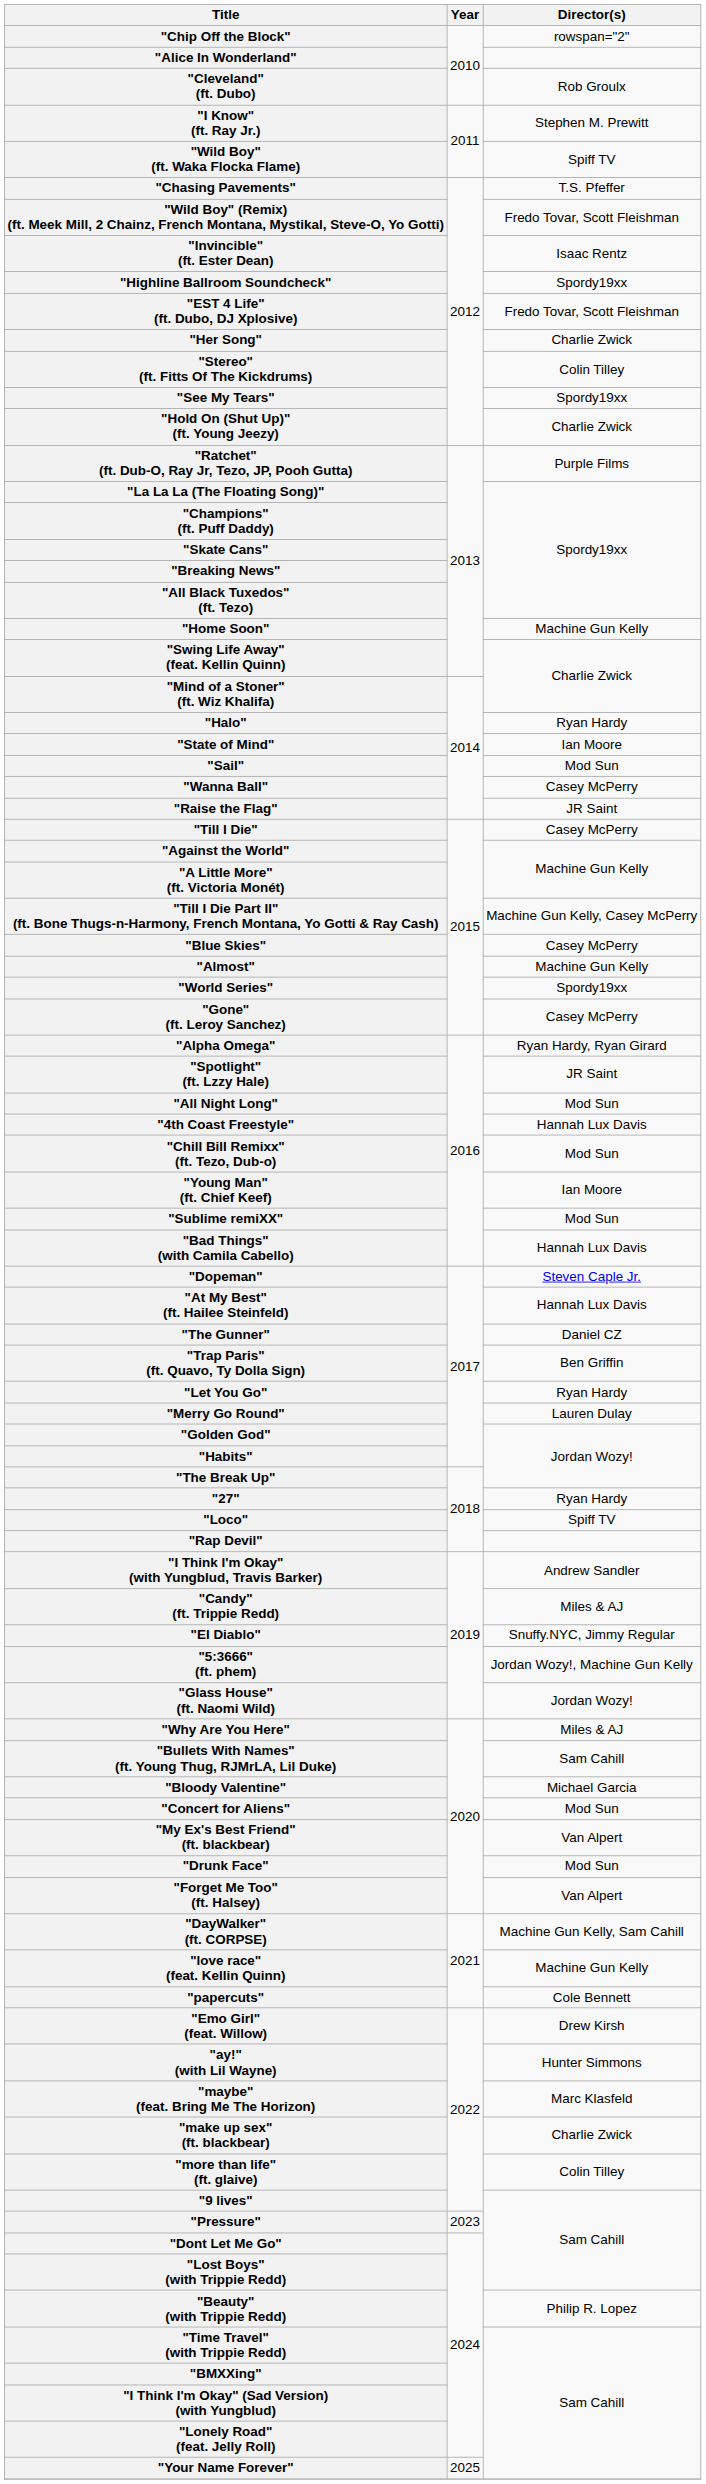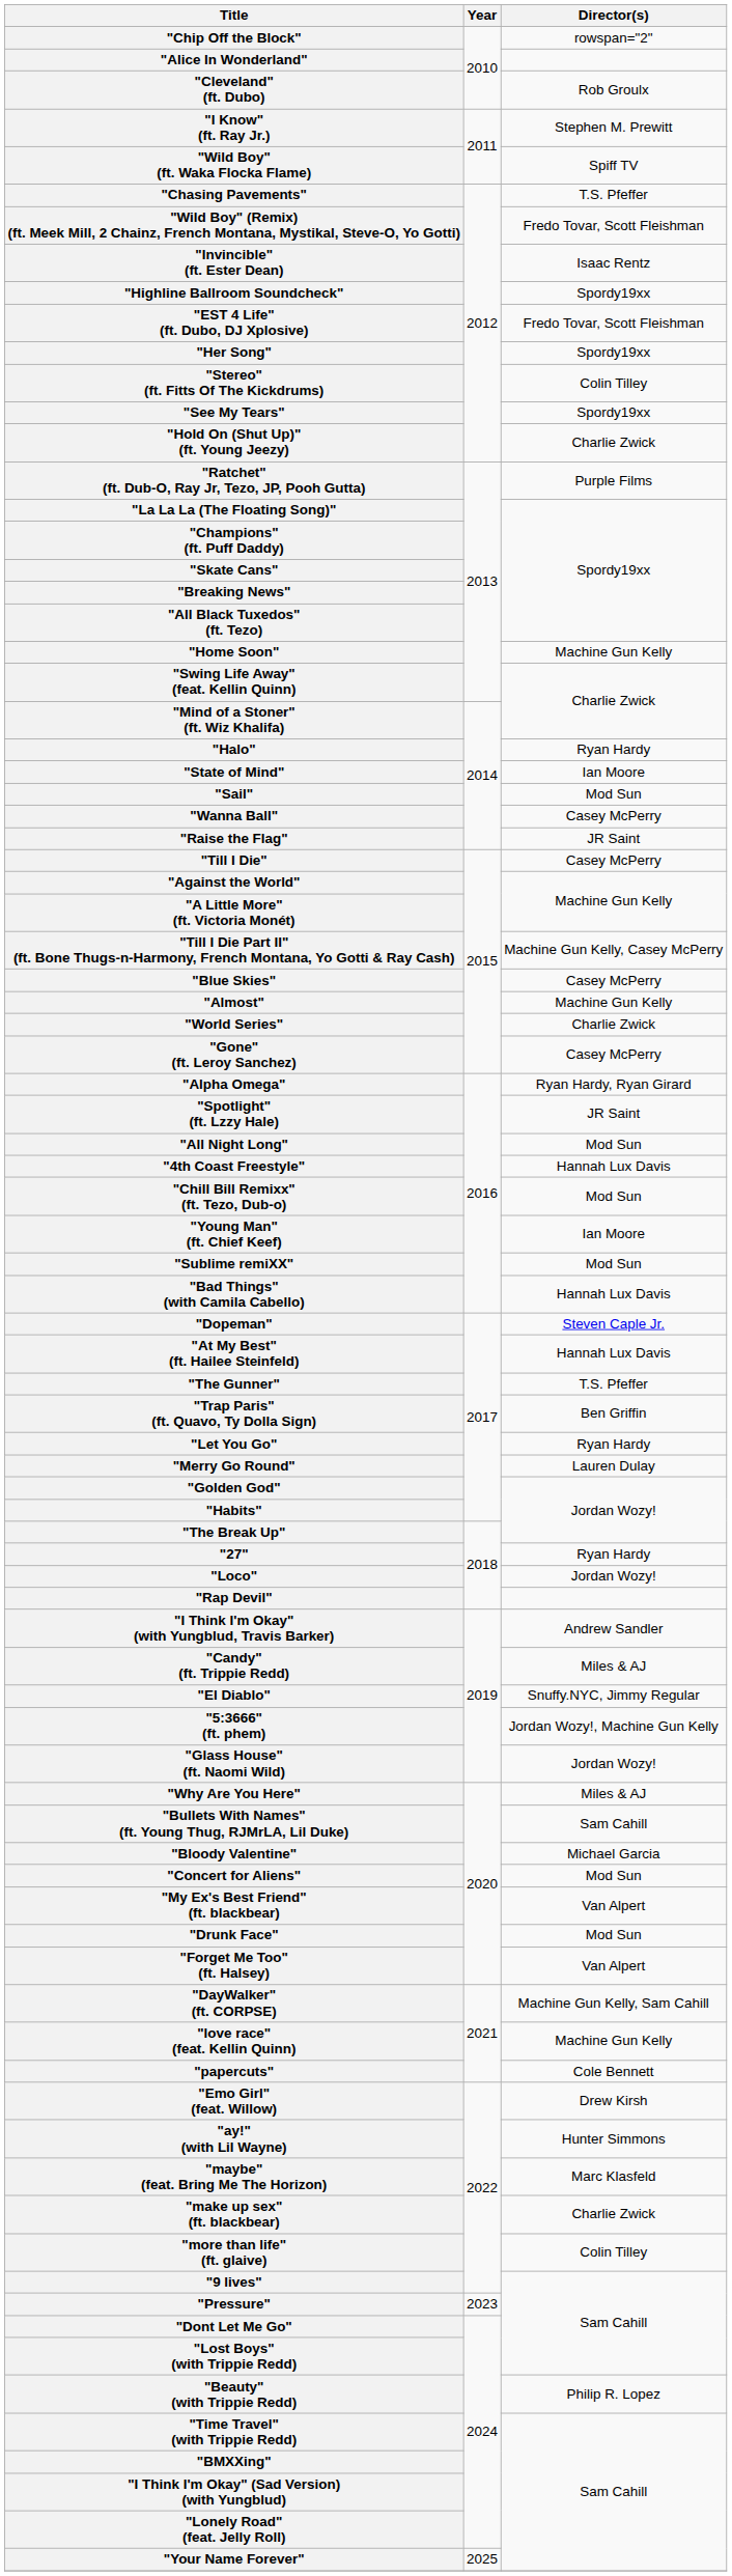 <table class="wikitable plainrowheaders" style="text-align:center;">
 <tr>
 <th scope="col">Title</th>
 <th scope="col">Year</th>
 <th scope="col">Director(s)</th>
 </tr>
 <tr>
 <th scope="row">"Chip Off the Block"</th>
 <td rowspan="3">2010</td>
 <td>rowspan="2" </td>
 </tr>
 <tr>
 <th scope="row">"Alice In Wonderland"</th>
 </tr>
 <tr>
 <th scope="row">"Cleveland"<br><span>(ft. Dubo)</span></th>
 <td>Rob Groulx</td>
 </tr>
 <tr>
 <th scope="row">"I Know"<br><span>(ft. Ray Jr.)</span></th>
 <td rowspan="2">2011</td>
 <td>Stephen M. Prewitt</td>
 </tr>
 <tr>
 <th scope="row">"Wild Boy"<br><span>(ft. Waka Flocka Flame)</span></th>
 <td>Spiff TV</td>
 </tr>
 <tr>
 <th scope="row">"Chasing Pavements"</th>
 <td rowspan="9">2012</td>
 <td>T.S. Pfeffer</td>
 </tr>
 <tr>
 <th scope="row">"Wild Boy" (Remix)<br><span>(ft. Meek Mill, 2 Chainz, French Montana, Mystikal, Steve-O, Yo Gotti)</span></th>
 <td>Fredo Tovar, Scott Fleishman</td>
 </tr>
 <tr>
 <th scope="row">"Invincible"<br><span>(ft. Ester Dean)</span></th>
 <td>Isaac Rentz</td>
 </tr>
 <tr>
 <th scope="row">"Highline Ballroom Soundcheck"</th>
 <td>Spordy19xx</td>
 </tr>
 <tr>
 <th scope="row">"EST 4 Life"<br><span>(ft. Dubo, DJ Xplosive)</span></th>
 <td>Fredo Tovar, Scott Fleishman</td>
 </tr>
 <tr>
 <th scope="row">"Her Song"</th>
-<td>Charlie Zwick</td>
+<td>Spordy19xx</td>
 </tr>
 <tr>
 <th scope="row">"Stereo"<br><span>(ft. Fitts Of The Kickdrums)</span></th>
 <td>Colin Tilley</td>
 </tr>
 <tr>
 <th scope="row">"See My Tears"</th>
 <td>Spordy19xx</td>
 </tr>
 <tr>
 <th scope="row">"Hold On (Shut Up)"<br><span>(ft. Young Jeezy)</span></th>
 <td>Charlie Zwick</td>
 </tr>
 <tr>
 <th scope="row">"Ratchet"<br><span>(ft. Dub-O, Ray Jr, Tezo, JP, Pooh Gutta)</span></th>
 <td rowspan="8">2013</td>
 <td>Purple Films</td>
 </tr>
 <tr>
 <th scope="row">"La La La (The Floating Song)"</th>
 <td rowspan="5">Spordy19xx</td>
 </tr>
 <tr>
 <th scope="row">"Champions"<br><span>(ft. Puff Daddy)</span></th>
 </tr>
 <tr>
 <th scope="row">"Skate Cans"</th>
 </tr>
 <tr>
 <th scope="row">"Breaking News"</th>
 </tr>
 <tr>
 <th scope="row">"All Black Tuxedos"<br><span>(ft. Tezo)</span></th>
 </tr>
 <tr>
 <th scope="row">"Home Soon"</th>
 <td>Machine Gun Kelly</td>
 </tr>
 <tr>
 <th scope="row">"Swing Life Away"<br><span>(feat. Kellin Quinn)</span></th>
 <td rowspan="2">Charlie Zwick</td>
 </tr>
 <tr>
 <th scope="row">"Mind of a Stoner"<br><span>(ft. Wiz Khalifa)</span></th>
 <td rowspan="6">2014</td>
 </tr>
 <tr>
 <th scope="row">"Halo"</th>
 <td>Ryan Hardy</td>
 </tr>
 <tr>
 <th scope="row">"State of Mind"</th>
 <td>Ian Moore</td>
 </tr>
 <tr>
 <th scope="row">"Sail"</th>
 <td>Mod Sun</td>
 </tr>
 <tr>
 <th scope="row">"Wanna Ball"</th>
 <td>Casey McPerry</td>
 </tr>
 <tr>
 <th scope="row">"Raise the Flag"</th>
 <td>JR Saint</td>
 </tr>
 <tr>
 <th scope="row">"Till I Die"</th>
 <td rowspan="8">2015</td>
 <td>Casey McPerry</td>
 </tr>
 <tr>
 <th scope="row">"Against the World"</th>
 <td rowspan="2">Machine Gun Kelly</td>
 </tr>
 <tr>
 <th scope="row">"A Little More"<br><span>(ft. Victoria Monét)</span></th>
 </tr>
 <tr>
 <th scope="row">"Till I Die Part II"<br><span>(ft. Bone Thugs-n-Harmony, French Montana, Yo Gotti & Ray Cash)</span></th>
 <td>Machine Gun Kelly, Casey McPerry</td>
 </tr>
 <tr>
 <th scope="row">"Blue Skies"</th>
 <td>Casey McPerry</td>
 </tr>
 <tr>
 <th scope="row">"Almost"</th>
 <td>Machine Gun Kelly</td>
 </tr>
 <tr>
 <th scope="row">"World Series"</th>
-<td>Spordy19xx</td>
+<td>Charlie Zwick</td>
 </tr>
 <tr>
 <th scope="row">"Gone"<br><span>(ft. Leroy Sanchez)</span></th>
 <td>Casey McPerry</td>
 </tr>
 <tr>
 <th scope="row">"Alpha Omega"</th>
 <td rowspan="8">2016</td>
 <td>Ryan Hardy, Ryan Girard</td>
 </tr>
 <tr>
 <th scope="row">"Spotlight"<br><span>(ft. Lzzy Hale)</span></th>
 <td>JR Saint</td>
 </tr>
 <tr>
 <th scope="row">"All Night Long"</th>
 <td>Mod Sun</td>
 </tr>
 <tr>
 <th scope="row">"4th Coast Freestyle"</th>
 <td>Hannah Lux Davis</td>
 </tr>
 <tr>
 <th scope="row">"Chill Bill Remixx"<br><span>(ft. Tezo, Dub-o)</span></th>
 <td>Mod Sun</td>
 </tr>
 <tr>
 <th scope="row">"Young Man"<br><span>(ft. Chief Keef)</span></th>
 <td>Ian Moore</td>
 </tr>
 <tr>
 <th scope="row">"Sublime remiXX"</th>
 <td>Mod Sun</td>
 </tr>
 <tr>
 <th scope="row">"Bad Things"<br><span>(with Camila Cabello)</span></th>
 <td>Hannah Lux Davis</td>
 </tr>
 <tr>
 <th scope="row">"Dopeman"</th>
 <td rowspan="8">2017</td>
 <td><a href='#'>Steven Caple Jr.</a></td>
 </tr>
 <tr>
 <th scope="row">"At My Best"<br><span>(ft. Hailee Steinfeld)</span></th>
 <td>Hannah Lux Davis</td>
 </tr>
 <tr>
 <th scope="row">"The Gunner"</th>
-<td>Daniel CZ</td>
+<td>T.S. Pfeffer</td>
 </tr>
 <tr>
 <th scope="row">"Trap Paris"<br><span>(ft. Quavo, Ty Dolla Sign)</span></th>
 <td>Ben Griffin</td>
 </tr>
 <tr>
 <th scope="row">"Let You Go"</th>
 <td>Ryan Hardy</td>
 </tr>
 <tr>
 <th scope="row">"Merry Go Round"</th>
 <td>Lauren Dulay</td>
 </tr>
 <tr>
 <th scope="row">"Golden God"</th>
 <td rowspan="3">Jordan Wozy!</td>
 </tr>
 <tr>
 <th scope="row">"Habits"</th>
 </tr>
 <tr>
 <th scope="row">"The Break Up"</th>
 <td rowspan="4">2018</td>
 </tr>
 <tr>
 <th scope="row">"27"</th>
 <td>Ryan Hardy</td>
 </tr>
 <tr>
 <th scope="row">"Loco"</th>
-<td>Spiff TV</td>
+<td>Jordan Wozy!</td>
 </tr>
 <tr>
 <th scope="row">"Rap Devil"</th>
 <td></td>
 </tr>
 <tr>
 <th scope="row">"I Think I'm Okay"<br><span>(with Yungblud, Travis Barker)</span></th>
 <td rowspan="5">2019</td>
 <td>Andrew Sandler</td>
 </tr>
 <tr>
 <th scope="row">"Candy"<br><span>(ft. Trippie Redd)</span></th>
 <td>Miles & AJ</td>
 </tr>
 <tr>
 <th scope="row">"El Diablo"</th>
 <td>Snuffy.NYC, Jimmy Regular</td>
 </tr>
 <tr>
 <th scope="row">"5:3666"<br><span>(ft. phem)</span></th>
 <td>Jordan Wozy!, Machine Gun Kelly</td>
 </tr>
 <tr>
 <th scope="row">"Glass House"<br><span>(ft. Naomi Wild)</span></th>
 <td>Jordan Wozy!</td>
 </tr>
 <tr>
 <th scope="row">"Why Are You Here"</th>
 <td rowspan="7">2020</td>
 <td>Miles & AJ</td>
 </tr>
 <tr>
 <th scope="row">"Bullets With Names"<br><span>(ft. Young Thug, RJMrLA, Lil Duke)</span></th>
 <td>Sam Cahill</td>
 </tr>
 <tr>
 <th scope="row">"Bloody Valentine"</th>
 <td>Michael Garcia</td>
 </tr>
 <tr>
 <th scope="row">"Concert for Aliens"</th>
 <td>Mod Sun</td>
 </tr>
 <tr>
 <th scope="row">"My Ex's Best Friend"<br><span>(ft. blackbear)</span></th>
 <td>Van Alpert</td>
 </tr>
 <tr>
 <th scope="row">"Drunk Face"</th>
 <td>Mod Sun</td>
 </tr>
 <tr>
 <th scope="row">"Forget Me Too"<br><span>(ft. Halsey)</span></th>
 <td>Van Alpert</td>
 </tr>
 <tr>
 <th scope="row">"DayWalker"<br><span>(ft. CORPSE)</span></th>
 <td rowspan="3">2021</td>
 <td>Machine Gun Kelly, Sam Cahill</td>
 </tr>
 <tr>
 <th scope="row">"love race"<br><span>(feat. Kellin Quinn)</span></th>
 <td>Machine Gun Kelly</td>
 </tr>
 <tr>
 <th scope="row">"papercuts"</th>
 <td>Cole Bennett</td>
 </tr>
 <tr>
 <th scope="row">"Emo Girl"<br><span>(feat. Willow)</span></th>
 <td rowspan="6">2022</td>
 <td>Drew Kirsh</td>
 </tr>
 <tr>
 <th scope="row">"ay!"<br><span>(with Lil Wayne)</span></th>
 <td>Hunter Simmons</td>
 </tr>
 <tr>
 <th scope="row">"maybe"<br><span>(feat. Bring Me The Horizon)</span></th>
 <td>Marc Klasfeld</td>
 </tr>
 <tr>
 <th scope="row">"make up sex"<br><span>(ft. blackbear)</span></th>
 <td>Charlie Zwick</td>
 </tr>
 <tr>
 <th scope="row">"more than life"<br><span>(ft. glaive)</span></th>
 <td>Colin Tilley</td>
 </tr>
 <tr>
 <th scope="row">"9 lives"</th>
 <td rowspan="4">Sam Cahill</td>
 </tr>
 <tr>
 <th scope="row">"Pressure"</th>
 <td>2023</td>
 </tr>
 <tr>
 <th scope="row">"Dont Let Me Go"</th>
 <td rowspan="7">2024</td>
 </tr>
 <tr>
 <th scope="row">"Lost Boys"<br><span>(with Trippie Redd)</span></th>
 </tr>
 <tr>
 <th scope="row">"Beauty"<br><span>(with Trippie Redd)</span></th>
 <td>Philip R. Lopez</td>
 </tr>
 <tr>
 <th scope="row">"Time Travel"<br><span>(with Trippie Redd)</span></th>
 <td rowspan="5">Sam Cahill</td>
 </tr>
 <tr>
 <th scope="row">"BMXXing"</th>
 </tr>
 <tr>
 <th scope="row">"I Think I'm Okay" (Sad Version)<br><span>(with Yungblud)</span></th>
 </tr>
 <tr>
 <th scope="row">"Lonely Road" <br><span>(feat. Jelly Roll)</span></th>
 </tr>
 <tr>
 <th scope="row">"Your Name Forever"</th>
 <td>2025</td>
 </tr>
 <tr>
 </tr>
 </table>
